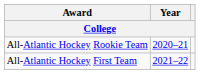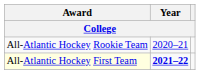 <table class="wikitable">
 <tr>
 <th>Award</th>
 <th>Year</th>
 <th></th>
 </tr>
 <tr>
 <th colspan="3"><a href='#'>College</a></th>
 </tr>
 <tr>
 <td>All-<a href='#'>Atlantic Hockey</a> <a href='#'>Rookie Team</a></td>
 <td><a href='#'>2020–21</a></td>
 </tr>
 <tr>
-<td>All-<a href='#'>Atlantic Hockey</a> <a href='#'>First Team</a></td>
-<td><a href='#'>2021–22</a></td>
+<td style="background: lightyellow;">All-<a href='#'>Atlantic Hockey</a> <a href='#'>First Team</a></td>
+<td><strong><a href='#'>2021–22</a></strong></td>
 <td></td>
 </tr>
 </table>
